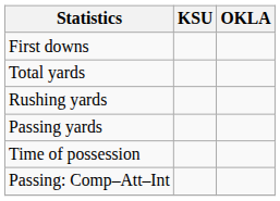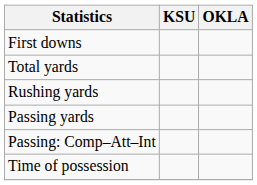 <table class="wikitable" style="float: left;">
 <tr>
 <th>Statistics</th>
 <th>KSU</th>
 <th>OKLA</th>
 </tr>
 <tr>
 <td>First downs</td>
 <td></td>
 <td></td>
 </tr>
 <tr>
 <td>Total yards</td>
 <td></td>
 <td></td>
 </tr>
 <tr>
 <td>Rushing yards</td>
 <td></td>
 <td></td>
 </tr>
 <tr>
 <td>Passing yards</td>
 <td></td>
 <td></td>
 </tr>
 <tr>
-<td>Time of possession</td>
+<td>Passing: Comp–Att–Int</td>
 <td></td>
 <td></td>
 </tr>
 <tr>
-<td>Passing: Comp–Att–Int</td>
+<td>Time of possession</td>
 <td></td>
 <td></td>
 </tr>
 <tr>
 </tr>
 </table>
